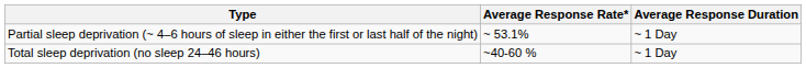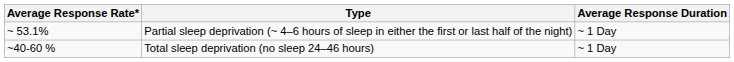 <table class="wikitable">
 <tr>
+<th>Average Response Rate*</th>
 <th>Type</th>
-<th>Average Response Rate*</th>
 <th>Average Response Duration</th>
 </tr>
 <tr>
+<td>~ 53.1%</td>
 <td>Partial sleep deprivation (~ 4–6 hours of sleep in either the first or last half of the night)</td>
-<td>~ 53.1%</td>
 <td>~ 1 Day</td>
 </tr>
 <tr>
+<td>~40-60 %</td>
 <td>Total sleep deprivation (no sleep 24–46 hours)</td>
-<td>~40-60 %</td>
 <td>~ 1 Day</td>
 </tr>
 </table>
